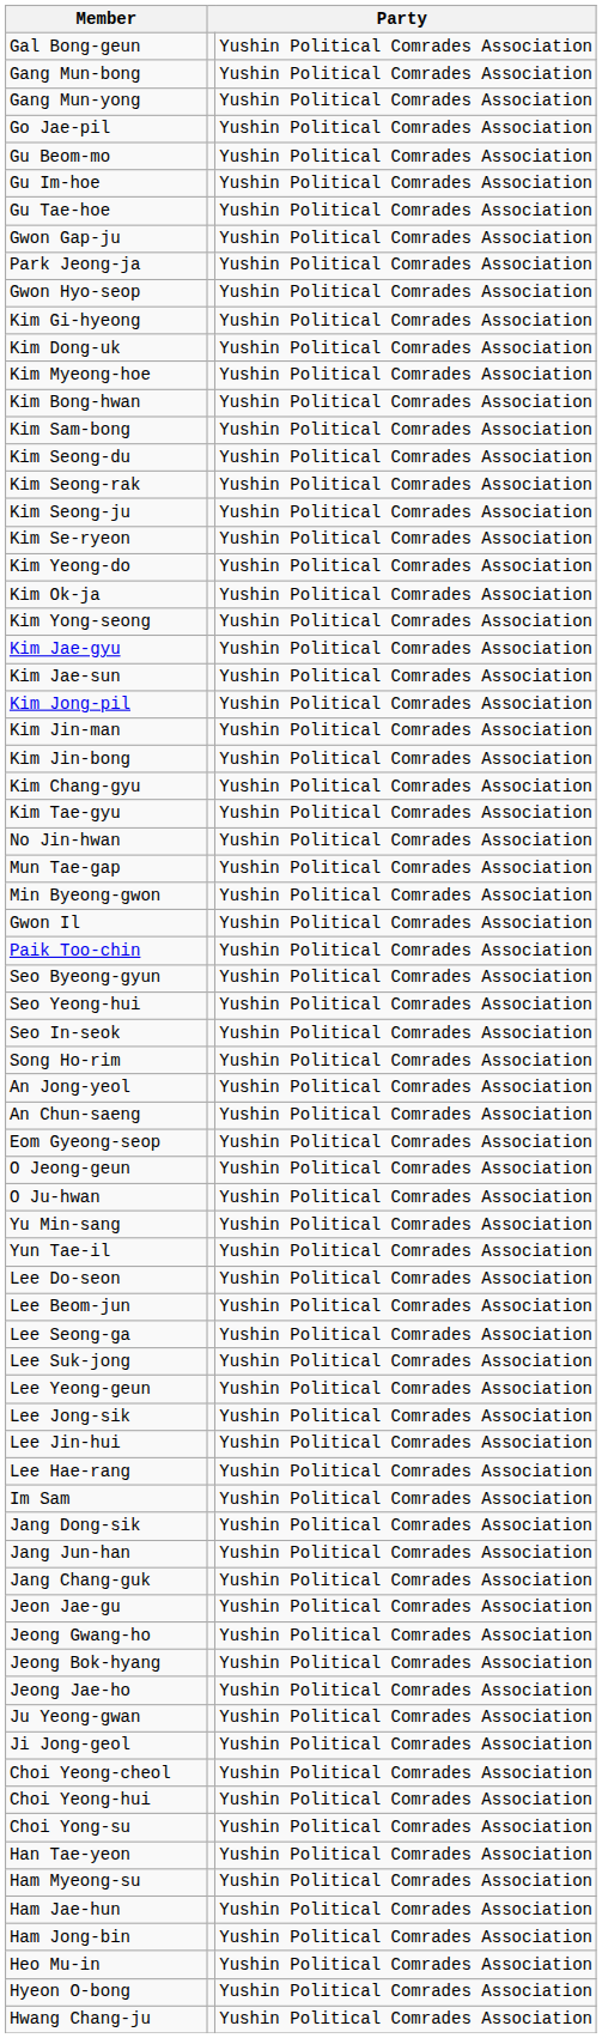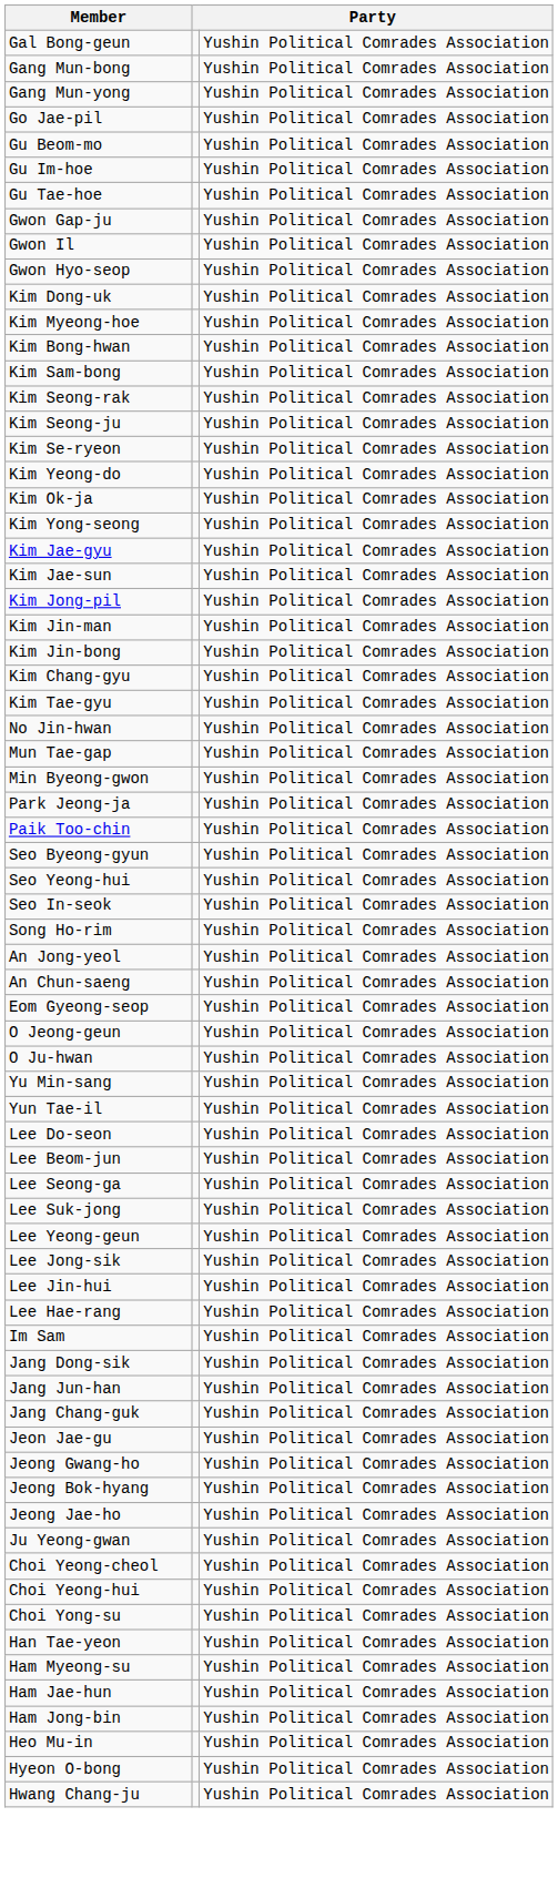 <table class="wikitable sortable plainrowheaders">
 <tr>
 <th width="150px">Member</th>
 <th colspan="2">Party</th>
 </tr>
 <tr>
 <td>Gal Bong-geun</td>
 <td></td>
 <td>Yushin Political Comrades Association</td>
 </tr>
 <tr>
 <td>Gang Mun-bong</td>
 <td></td>
 <td>Yushin Political Comrades Association</td>
 </tr>
 <tr>
 <td>Gang Mun-yong</td>
 <td></td>
 <td>Yushin Political Comrades Association</td>
 </tr>
 <tr>
 <td>Go Jae-pil</td>
 <td></td>
 <td>Yushin Political Comrades Association</td>
 </tr>
 <tr>
 <td>Gu Beom-mo</td>
 <td></td>
 <td>Yushin Political Comrades Association</td>
 </tr>
 <tr>
 <td>Gu Im-hoe</td>
 <td></td>
 <td>Yushin Political Comrades Association</td>
 </tr>
 <tr>
 <td>Gu Tae-hoe</td>
 <td></td>
 <td>Yushin Political Comrades Association</td>
 </tr>
 <tr>
 <td>Gwon Gap-ju</td>
 <td></td>
 <td>Yushin Political Comrades Association</td>
 </tr>
 <tr>
-<td>Park Jeong-ja</td>
+<td>Gwon Il</td>
 <td></td>
 <td>Yushin Political Comrades Association</td>
 </tr>
 <tr>
 <td>Gwon Hyo-seop</td>
-<td></td>
-<td>Yushin Political Comrades Association</td>
-</tr>
-<tr>
-<td>Kim Gi-hyeong</td>
 <td></td>
 <td>Yushin Political Comrades Association</td>
 </tr>
 <tr>
 <td>Kim Dong-uk</td>
 <td></td>
 <td>Yushin Political Comrades Association</td>
 </tr>
 <tr>
 <td>Kim Myeong-hoe</td>
 <td></td>
 <td>Yushin Political Comrades Association</td>
 </tr>
 <tr>
 <td>Kim Bong-hwan</td>
 <td></td>
 <td>Yushin Political Comrades Association</td>
 </tr>
 <tr>
 <td>Kim Sam-bong</td>
-<td></td>
-<td>Yushin Political Comrades Association</td>
-</tr>
-<tr>
-<td>Kim Seong-du</td>
 <td></td>
 <td>Yushin Political Comrades Association</td>
 </tr>
 <tr>
 <td>Kim Seong-rak</td>
 <td></td>
 <td>Yushin Political Comrades Association</td>
 </tr>
 <tr>
 <td>Kim Seong-ju</td>
 <td></td>
 <td>Yushin Political Comrades Association</td>
 </tr>
 <tr>
 <td>Kim Se-ryeon</td>
 <td></td>
 <td>Yushin Political Comrades Association</td>
 </tr>
 <tr>
 <td>Kim Yeong-do</td>
 <td></td>
 <td>Yushin Political Comrades Association</td>
 </tr>
 <tr>
 <td>Kim Ok-ja</td>
 <td></td>
 <td>Yushin Political Comrades Association</td>
 </tr>
 <tr>
 <td>Kim Yong-seong</td>
 <td></td>
 <td>Yushin Political Comrades Association</td>
 </tr>
 <tr>
 <td><a href='#'>Kim Jae-gyu</a></td>
 <td></td>
 <td>Yushin Political Comrades Association</td>
 </tr>
 <tr>
 <td>Kim Jae-sun</td>
 <td></td>
 <td>Yushin Political Comrades Association</td>
 </tr>
 <tr>
 <td><a href='#'>Kim Jong-pil</a></td>
 <td></td>
 <td>Yushin Political Comrades Association</td>
 </tr>
 <tr>
 <td>Kim Jin-man</td>
 <td></td>
 <td>Yushin Political Comrades Association</td>
 </tr>
 <tr>
 <td>Kim Jin-bong</td>
 <td></td>
 <td>Yushin Political Comrades Association</td>
 </tr>
 <tr>
 <td>Kim Chang-gyu</td>
 <td></td>
 <td>Yushin Political Comrades Association</td>
 </tr>
 <tr>
 <td>Kim Tae-gyu</td>
 <td></td>
 <td>Yushin Political Comrades Association</td>
 </tr>
 <tr>
 <td>No Jin-hwan</td>
 <td></td>
 <td>Yushin Political Comrades Association</td>
 </tr>
 <tr>
 <td>Mun Tae-gap</td>
 <td></td>
 <td>Yushin Political Comrades Association</td>
 </tr>
 <tr>
 <td>Min Byeong-gwon</td>
 <td></td>
 <td>Yushin Political Comrades Association</td>
 </tr>
 <tr>
-<td>Gwon Il</td>
+<td>Park Jeong-ja</td>
 <td></td>
 <td>Yushin Political Comrades Association</td>
 </tr>
 <tr>
 <td><a href='#'>Paik Too-chin</a></td>
 <td></td>
 <td>Yushin Political Comrades Association</td>
 </tr>
 <tr>
 <td>Seo Byeong-gyun</td>
 <td></td>
 <td>Yushin Political Comrades Association</td>
 </tr>
 <tr>
 <td>Seo Yeong-hui</td>
 <td></td>
 <td>Yushin Political Comrades Association</td>
 </tr>
 <tr>
 <td>Seo In-seok</td>
 <td></td>
 <td>Yushin Political Comrades Association</td>
 </tr>
 <tr>
 <td>Song Ho-rim</td>
 <td></td>
 <td>Yushin Political Comrades Association</td>
 </tr>
 <tr>
 <td>An Jong-yeol</td>
 <td></td>
 <td>Yushin Political Comrades Association</td>
 </tr>
 <tr>
 <td>An Chun-saeng</td>
 <td></td>
 <td>Yushin Political Comrades Association</td>
 </tr>
 <tr>
 <td>Eom Gyeong-seop</td>
 <td></td>
 <td>Yushin Political Comrades Association</td>
 </tr>
 <tr>
 <td>O Jeong-geun</td>
 <td></td>
 <td>Yushin Political Comrades Association</td>
 </tr>
 <tr>
 <td>O Ju-hwan</td>
 <td></td>
 <td>Yushin Political Comrades Association</td>
 </tr>
 <tr>
 <td>Yu Min-sang</td>
 <td></td>
 <td>Yushin Political Comrades Association</td>
 </tr>
 <tr>
 <td>Yun Tae-il</td>
 <td></td>
 <td>Yushin Political Comrades Association</td>
 </tr>
 <tr>
 <td>Lee Do-seon</td>
 <td></td>
 <td>Yushin Political Comrades Association</td>
 </tr>
 <tr>
 <td>Lee Beom-jun</td>
 <td></td>
 <td>Yushin Political Comrades Association</td>
 </tr>
 <tr>
 <td>Lee Seong-ga</td>
 <td></td>
 <td>Yushin Political Comrades Association</td>
 </tr>
 <tr>
 <td>Lee Suk-jong</td>
 <td></td>
 <td>Yushin Political Comrades Association</td>
 </tr>
 <tr>
 <td>Lee Yeong-geun</td>
 <td></td>
 <td>Yushin Political Comrades Association</td>
 </tr>
 <tr>
 <td>Lee Jong-sik</td>
 <td></td>
 <td>Yushin Political Comrades Association</td>
 </tr>
 <tr>
 <td>Lee Jin-hui</td>
 <td></td>
 <td>Yushin Political Comrades Association</td>
 </tr>
 <tr>
 <td>Lee Hae-rang</td>
 <td></td>
 <td>Yushin Political Comrades Association</td>
 </tr>
 <tr>
 <td>Im Sam</td>
 <td></td>
 <td>Yushin Political Comrades Association</td>
 </tr>
 <tr>
 <td>Jang Dong-sik</td>
 <td></td>
 <td>Yushin Political Comrades Association</td>
 </tr>
 <tr>
 <td>Jang Jun-han</td>
 <td></td>
 <td>Yushin Political Comrades Association</td>
 </tr>
 <tr>
 <td>Jang Chang-guk</td>
 <td></td>
 <td>Yushin Political Comrades Association</td>
 </tr>
 <tr>
 <td>Jeon Jae-gu</td>
 <td></td>
 <td>Yushin Political Comrades Association</td>
 </tr>
 <tr>
 <td>Jeong Gwang-ho</td>
 <td></td>
 <td>Yushin Political Comrades Association</td>
 </tr>
 <tr>
 <td>Jeong Bok-hyang</td>
 <td></td>
 <td>Yushin Political Comrades Association</td>
 </tr>
 <tr>
 <td>Jeong Jae-ho</td>
 <td></td>
 <td>Yushin Political Comrades Association</td>
 </tr>
 <tr>
 <td>Ju Yeong-gwan</td>
 <td></td>
 <td>Yushin Political Comrades Association</td>
 </tr>
 <tr>
-<td>Ji Jong-geol</td>
-<td></td>
-<td>Yushin Political Comrades Association</td>
-</tr>
-<tr>
 <td>Choi Yeong-cheol</td>
 <td></td>
 <td>Yushin Political Comrades Association</td>
 </tr>
 <tr>
 <td>Choi Yeong-hui</td>
 <td></td>
 <td>Yushin Political Comrades Association</td>
 </tr>
 <tr>
 <td>Choi Yong-su</td>
 <td></td>
 <td>Yushin Political Comrades Association</td>
 </tr>
 <tr>
 <td>Han Tae-yeon</td>
 <td></td>
 <td>Yushin Political Comrades Association</td>
 </tr>
 <tr>
 <td>Ham Myeong-su</td>
 <td></td>
 <td>Yushin Political Comrades Association</td>
 </tr>
 <tr>
 <td>Ham Jae-hun</td>
 <td></td>
 <td>Yushin Political Comrades Association</td>
 </tr>
 <tr>
 <td>Ham Jong-bin</td>
 <td></td>
 <td>Yushin Political Comrades Association</td>
 </tr>
 <tr>
 <td>Heo Mu-in</td>
 <td></td>
 <td>Yushin Political Comrades Association</td>
 </tr>
 <tr>
 <td>Hyeon O-bong</td>
 <td></td>
 <td>Yushin Political Comrades Association</td>
 </tr>
 <tr>
 <td>Hwang Chang-ju</td>
 <td></td>
 <td>Yushin Political Comrades Association</td>
 </tr>
 </table>
